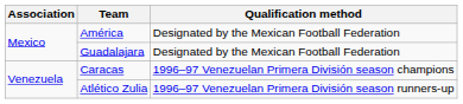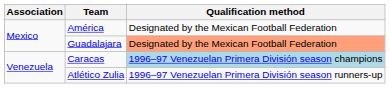 <table class="wikitable">
 <tr>
 <th>Association</th>
 <th>Team</th>
 <th>Qualification method</th>
 </tr>
 <tr>
 <td rowspan=2> <a href='#'>Mexico</a></td>
 <td><a href='#'>América</a> </td>
 <td>Designated by the Mexican Football Federation</td>
 </tr>
 <tr>
 <td><a href='#'>Guadalajara</a> </td>
-<td>Designated by the Mexican Football Federation</td>
+<td style="background: lightsalmon;">Designated by the Mexican Football Federation</td>
 </tr>
 <tr>
 <td rowspan=2> <a href='#'>Venezuela</a></td>
 <td><a href='#'>Caracas</a> </td>
-<td><a href='#'>1996–97 Venezuelan Primera División season</a> champions</td>
+<td style="background: lightblue;"><a href='#'>1996–97 Venezuelan Primera División season</a> champions</td>
 </tr>
 <tr>
 <td><a href='#'>Atlético Zulia</a> </td>
 <td><a href='#'>1996–97 Venezuelan Primera División season</a> runners-up</td>
 </tr>
 </table>
